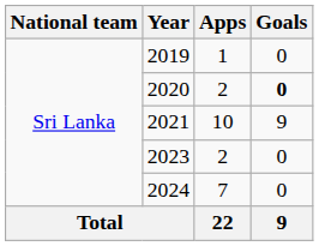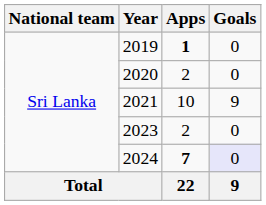 <table class="wikitable" style="text-align:center">
 <tr>
 <th>National team</th>
 <th>Year</th>
 <th>Apps</th>
 <th>Goals</th>
 </tr>
 <tr>
 <td rowspan=5><a href='#'>Sri Lanka</a></td>
 <td>2019</td>
-<td>1</td>
+<td><strong>1</strong></td>
 <td>0</td>
 </tr>
 <tr>
 <td>2020</td>
 <td>2</td>
-<td><strong>0</strong></td>
+<td>0</td>
 </tr>
 <tr>
 <td>2021</td>
 <td>10</td>
 <td>9</td>
 </tr>
 <tr>
 <td>2023</td>
 <td>2</td>
 <td>0</td>
 </tr>
 <tr>
 <td>2024</td>
-<td>7</td>
-<td>0</td>
+<td><strong>7</strong></td>
+<td style="background: lavender;">0</td>
 </tr>
 <tr>
 <th colspan=2>Total</th>
 <th>22</th>
 <th>9</th>
 </tr>
 </table>
